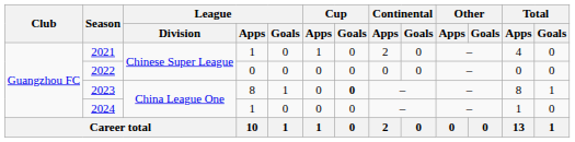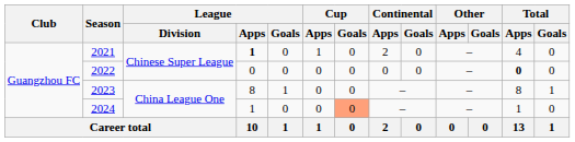 <table class="wikitable" style="text-align: center">
 <tr>
 <th rowspan="2">Club</th>
 <th rowspan="2">Season</th>
 <th colspan="3">League</th>
 <th colspan="2">Cup</th>
 <th colspan="2">Continental</th>
 <th colspan="2">Other</th>
 <th colspan="2">Total</th>
 </tr>
 <tr>
 <th>Division</th>
 <th>Apps</th>
 <th>Goals</th>
 <th>Apps</th>
 <th>Goals</th>
 <th>Apps</th>
 <th>Goals</th>
 <th>Apps</th>
 <th>Goals</th>
 <th>Apps</th>
 <th>Goals</th>
 </tr>
 <tr>
 <td rowspan=4><a href='#'>Guangzhou FC</a></td>
 <td><a href='#'>2021</a></td>
 <td rowspan=2><a href='#'>Chinese Super League</a></td>
-<td>1</td>
+<td><strong>1</strong></td>
 <td>0</td>
 <td>1</td>
 <td>0</td>
 <td>2</td>
 <td>0</td>
 <td colspan="2">–</td>
 <td>4</td>
 <td>0</td>
 </tr>
 <tr>
 <td><a href='#'>2022</a></td>
 <td>0</td>
 <td>0</td>
 <td>0</td>
 <td>0</td>
 <td>0</td>
 <td>0</td>
 <td colspan="2">–</td>
-<td>0</td>
+<td><strong>0</strong></td>
 <td>0</td>
 </tr>
 <tr>
 <td><a href='#'>2023</a></td>
 <td rowspan=2><a href='#'>China League One</a></td>
 <td>8</td>
 <td>1</td>
 <td>0</td>
-<td><strong>0</strong></td>
+<td>0</td>
 <td colspan="2">–</td>
 <td colspan="2">–</td>
 <td>8</td>
 <td>1</td>
 </tr>
 <tr>
 <td><a href='#'>2024</a></td>
 <td>1</td>
 <td>0</td>
 <td>0</td>
-<td>0</td>
+<td style="background: lightsalmon;">0</td>
 <td colspan="2">–</td>
 <td colspan="2">–</td>
 <td>1</td>
 <td>0</td>
 </tr>
 <tr>
 <th colspan=3>Career total</th>
 <th>10</th>
 <th>1</th>
 <th>1</th>
 <th>0</th>
 <th>2</th>
 <th>0</th>
 <th>0</th>
 <th>0</th>
 <th>13</th>
 <th>1</th>
 </tr>
 </table>
